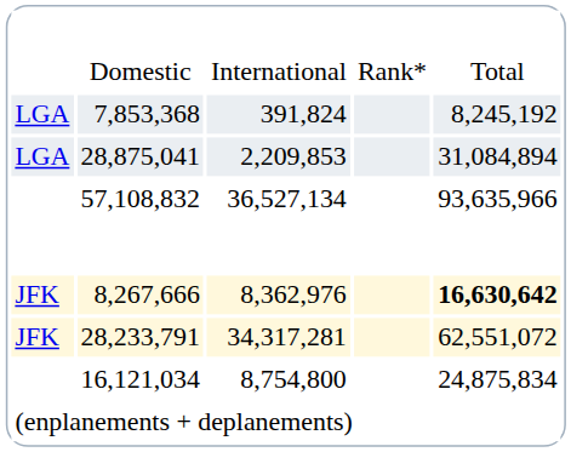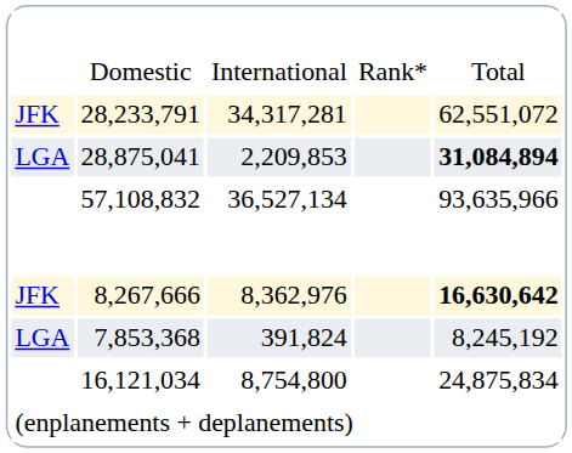 <table border="0" cellpadding="2" style="float:left; margin-left:15px; margin-right:10px; border:1px solid #A3B1BF; color: black; background-color: white; font-size: 90%; border-radius: 12px 12px 12px 12px; ">
 <tr valign="bottom" style="text-align:center">
 <td colspan=5 style="background-color:white"><br></td>
 </tr>
 <tr valign="bottom" style="text-align:center">
 <td style="background-color:white"><br></td>
 <td style="background-color:white">Domestic<br></td>
 <td style="background-color:white">International<br></td>
 <td style="background-color:white">Rank*<br></td>
 <td style="background-color:white">Total<br></td>
 </tr>
 <tr valign="bottom" style="text-align:right">
-<td style="background-color:#EAEEF2; text-align:left"><a href='#'>LGA</a><br></td>
-<td style="background-color:#EAEEF2">7,853,368<br></td>
-<td style="background-color:#EAEEF2">391,824<br></td>
-<td style="background-color:#EAEEF2"><br></td>
-<td style="background-color:#EAEEF2">8,245,192<br></td>
+<td style="background-color:#FFF8DC; text-align:left"><a href='#'>JFK</a></td>
+<td style="background-color:#FFF8DC;">28,233,791</td>
+<td style="background-color:#FFF8DC;">34,317,281</td>
+<td style="background-color:#FFF8DC; text-align:center"></td>
+<td style="background-color:#FFF8DC; text-align:right">62,551,072</td>
 </tr>
 <tr valign="bottom" style="text-align:right">
 <td style="background-color:#EAEEF2; text-align:left"><a href='#'>LGA</a><br></td>
 <td style="background-color:#EAEEF2">28,875,041<br></td>
 <td style="background-color:#EAEEF2">2,209,853<br></td>
 <td style="background-color:#EAEEF2"><br></td>
-<td style="background-color:#EAEEF2">31,084,894<br></td>
+<td style="background-color:#EAEEF2"><strong>31,084,894<br></strong></td>
 </tr>
 <tr style="text-align:right">
 <td style="background-color:white; text-align:left"></td>
 <td style="background-color:white">57,108,832</td>
 <td style="background-color:white">36,527,134</td>
 <td style="background-color:white"></td>
 <td style="background-color:white">93,635,966</td>
 </tr>
 <tr>
 <td colspan=5 style="background-color:white"></td>
 </tr>
 <tr valign="bottom" style="text-align:center">
 <td colspan=5 style="background-color:white"><br></td>
 </tr>
 <tr valign="bottom" style="text-align:right">
 <td style="background-color:#FFF8DC; text-align:left"><a href='#'>JFK</a></td>
 <td style="background-color:#FFF8DC;">8,267,666</td>
 <td style="background-color:#FFF8DC;">8,362,976</td>
 <td style="background-color:#FFF8DC; text-align:center"></td>
 <td style="background-color:#FFF8DC; text-align:right"><strong>16,630,642</strong></td>
 </tr>
 <tr valign="bottom" style="text-align:right">
-<td style="background-color:#FFF8DC; text-align:left"><a href='#'>JFK</a></td>
-<td style="background-color:#FFF8DC;">28,233,791</td>
-<td style="background-color:#FFF8DC;">34,317,281</td>
-<td style="background-color:#FFF8DC; text-align:center"></td>
-<td style="background-color:#FFF8DC; text-align:right">62,551,072</td>
+<td style="background-color:#EAEEF2; text-align:left"><a href='#'>LGA</a><br></td>
+<td style="background-color:#EAEEF2">7,853,368<br></td>
+<td style="background-color:#EAEEF2">391,824<br></td>
+<td style="background-color:#EAEEF2"><br></td>
+<td style="background-color:#EAEEF2">8,245,192<br></td>
 </tr>
 <tr valign="bottom" style="text-align:right">
 <td style="background-color:white; text-align:left"></td>
 <td style="background-color:white">16,121,034</td>
 <td style="background-color:white">8,754,800</td>
 <td style="background-color:white"></td>
 <td style="background-color:white">24,875,834</td>
 </tr>
 <tr valign="bottom" style="text-align:left">
 <td colspan=5 style="background-color:white">(enplanements + deplanements)</td>
 </tr>
 </table>
